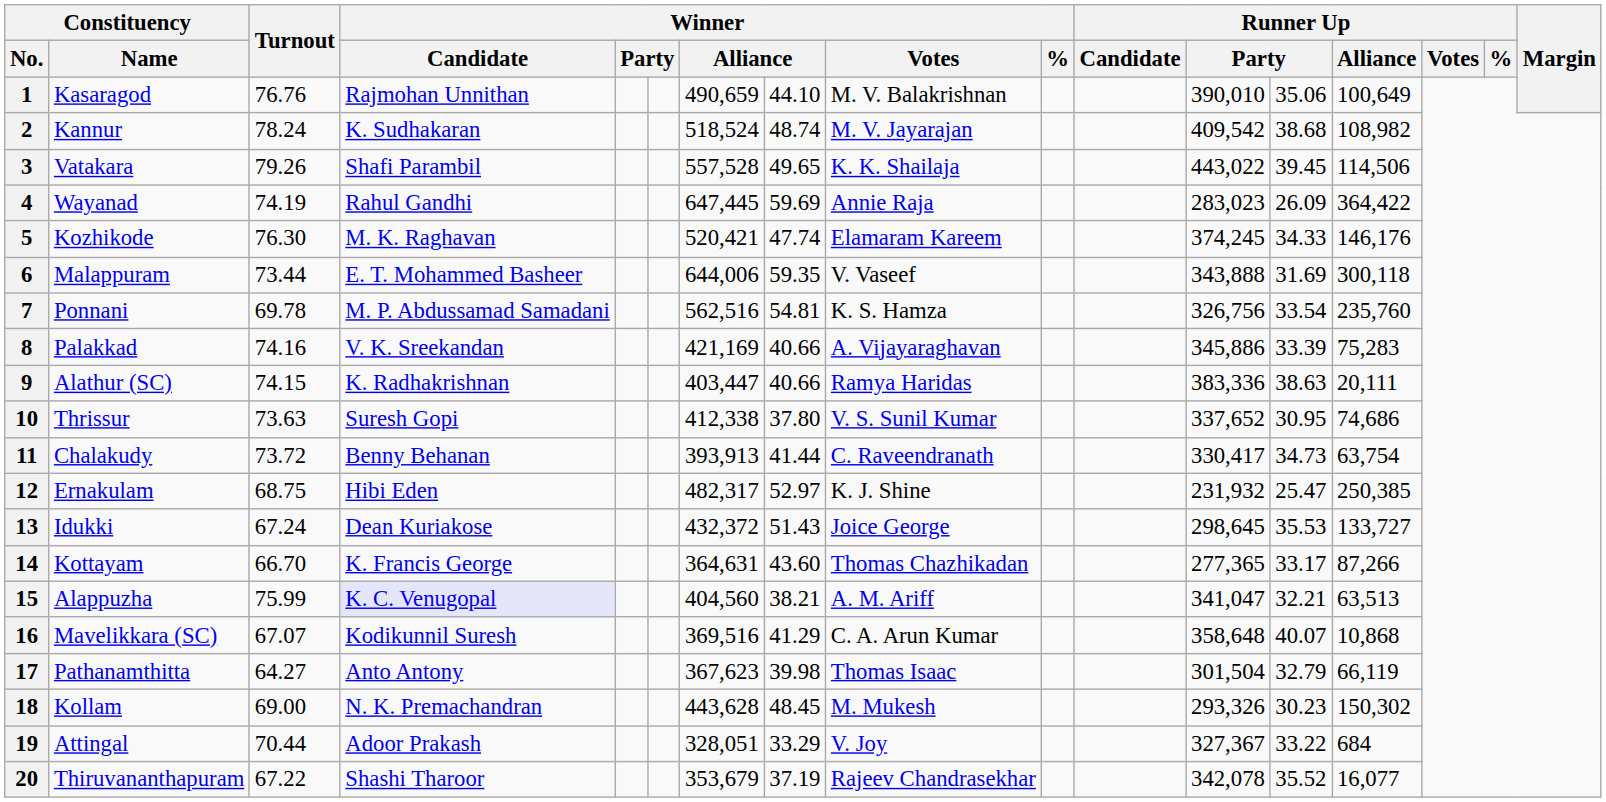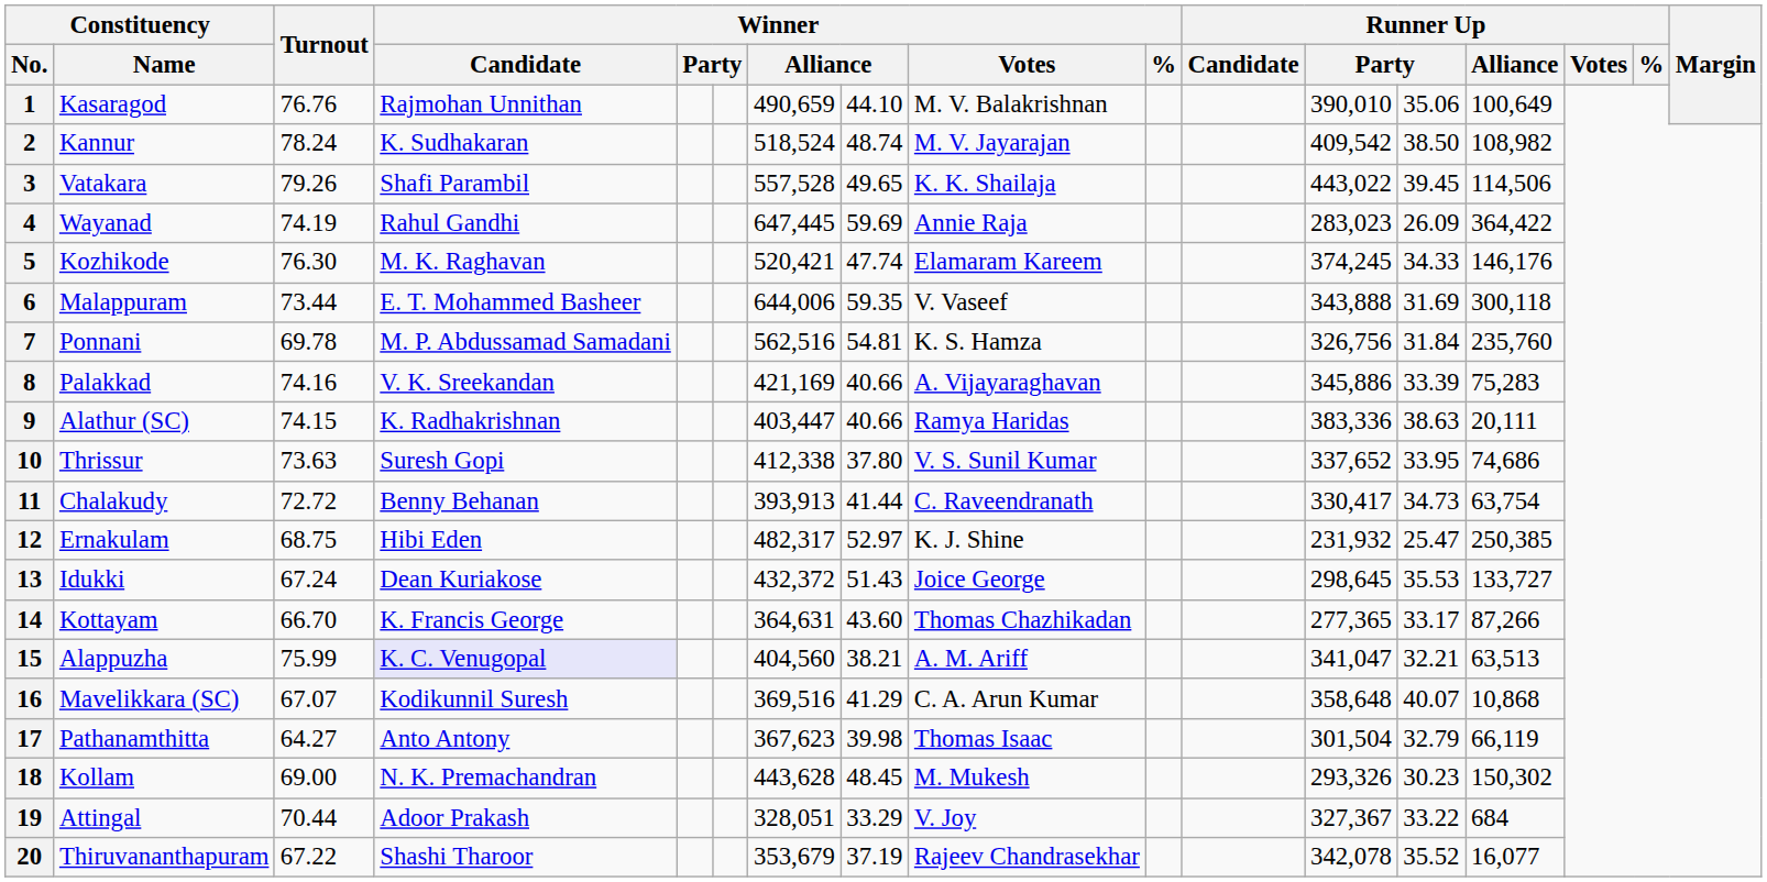 <table class="wikitable sortable">
 <tr>
 <th colspan="2">Constituency</th>
 <th rowspan="2">Turnout</th>
 <th colspan="7">Winner</th>
 <th colspan="7">Runner Up</th>
 <th rowspan="3">Margin</th>
 </tr>
 <tr>
 <th>No.</th>
 <th>Name</th>
 <th>Candidate</th>
 <th colspan="2">Party</th>
 <th colspan="2">Alliance</th>
 <th>Votes</th>
 <th>%</th>
 <th>Candidate</th>
 <th colspan="2">Party</th>
 <th colspan="2">Alliance</th>
 <th>Votes</th>
 <th>%</th>
 </tr>
 <tr>
 <th>1</th>
 <td><a href='#'>Kasaragod</a></td>
 <td>76.76 </td>
 <td><a href='#'>Rajmohan Unnithan</a></td>
 <td></td>
 <td></td>
 <td>490,659</td>
 <td>44.10</td>
 <td>M. V. Balakrishnan</td>
 <td></td>
 <td></td>
 <td>390,010</td>
 <td>35.06</td>
 <td style="background:">100,649</td>
 </tr>
 <tr>
 <th>2</th>
 <td><a href='#'>Kannur</a></td>
 <td>78.24 </td>
 <td><a href='#'>K. Sudhakaran</a></td>
 <td></td>
 <td></td>
 <td>518,524</td>
 <td>48.74</td>
 <td><a href='#'>M. V. Jayarajan</a></td>
 <td></td>
 <td></td>
 <td>409,542</td>
-<td>38.68</td>
+<td>38.50</td>
 <td style="background:">108,982</td>
 </tr>
 <tr>
 <th>3</th>
 <td><a href='#'>Vatakara</a></td>
 <td>79.26 </td>
 <td><a href='#'>Shafi Parambil</a></td>
 <td></td>
 <td></td>
 <td>557,528</td>
 <td>49.65</td>
 <td><a href='#'>K. K. Shailaja</a></td>
 <td></td>
 <td></td>
 <td>443,022</td>
 <td>39.45</td>
 <td style="background:">114,506</td>
 </tr>
 <tr>
 <th>4</th>
 <td><a href='#'>Wayanad</a></td>
 <td>74.19 </td>
 <td><a href='#'>Rahul Gandhi</a></td>
 <td></td>
 <td></td>
 <td>647,445</td>
 <td>59.69</td>
 <td><a href='#'>Annie Raja</a></td>
 <td></td>
 <td></td>
 <td>283,023</td>
 <td>26.09</td>
 <td style="background:">364,422</td>
 </tr>
 <tr>
 <th>5</th>
 <td><a href='#'>Kozhikode</a></td>
 <td>76.30 </td>
 <td><a href='#'>M. K. Raghavan</a></td>
 <td></td>
 <td></td>
 <td>520,421</td>
 <td>47.74</td>
 <td><a href='#'>Elamaram Kareem</a></td>
 <td></td>
 <td></td>
 <td>374,245</td>
 <td>34.33</td>
 <td style="background:">146,176</td>
 </tr>
 <tr>
 <th>6</th>
 <td><a href='#'>Malappuram</a></td>
 <td>73.44 </td>
 <td><a href='#'>E. T. Mohammed Basheer</a></td>
 <td></td>
 <td></td>
 <td>644,006</td>
 <td>59.35</td>
 <td>V. Vaseef</td>
 <td></td>
 <td></td>
 <td>343,888</td>
 <td>31.69</td>
 <td style="background:">300,118</td>
 </tr>
 <tr>
 <th>7</th>
 <td><a href='#'>Ponnani</a></td>
 <td>69.78 </td>
 <td><a href='#'>M. P. Abdussamad Samadani</a></td>
 <td></td>
 <td></td>
 <td>562,516</td>
 <td>54.81</td>
 <td>K. S. Hamza</td>
 <td></td>
 <td></td>
 <td>326,756</td>
-<td>33.54</td>
+<td>31.84</td>
 <td style="background:">235,760</td>
 </tr>
 <tr>
 <th>8</th>
 <td><a href='#'>Palakkad</a></td>
 <td>74.16 </td>
 <td><a href='#'>V. K. Sreekandan</a></td>
 <td></td>
 <td></td>
 <td>421,169</td>
 <td>40.66</td>
 <td><a href='#'>A. Vijayaraghavan</a></td>
 <td></td>
 <td></td>
 <td>345,886</td>
 <td>33.39</td>
 <td style="background:">75,283</td>
 </tr>
 <tr>
 <th>9</th>
 <td><a href='#'>Alathur (SC)</a></td>
 <td>74.15 </td>
 <td><a href='#'>K. Radhakrishnan</a></td>
 <td></td>
 <td></td>
 <td>403,447</td>
 <td>40.66</td>
 <td><a href='#'>Ramya Haridas</a></td>
 <td></td>
 <td></td>
 <td>383,336</td>
 <td>38.63</td>
 <td style="background:">20,111</td>
 </tr>
 <tr>
 <th>10</th>
 <td><a href='#'>Thrissur</a></td>
 <td>73.63 </td>
 <td><a href='#'>Suresh Gopi</a></td>
 <td></td>
 <td></td>
 <td>412,338</td>
 <td>37.80</td>
 <td><a href='#'>V. S. Sunil Kumar</a></td>
 <td></td>
 <td></td>
 <td>337,652</td>
-<td>30.95</td>
+<td>33.95</td>
 <td style="background:">74,686</td>
 </tr>
 <tr>
 <th>11</th>
 <td><a href='#'>Chalakudy</a></td>
-<td>73.72 </td>
+<td>72.72 </td>
 <td><a href='#'>Benny Behanan</a></td>
 <td></td>
 <td></td>
 <td>393,913</td>
 <td>41.44</td>
 <td><a href='#'>C. Raveendranath</a></td>
 <td></td>
 <td></td>
 <td>330,417</td>
 <td>34.73</td>
 <td style="background:">63,754</td>
 </tr>
 <tr>
 <th>12</th>
 <td><a href='#'>Ernakulam</a></td>
 <td>68.75 </td>
 <td><a href='#'>Hibi Eden</a></td>
 <td></td>
 <td></td>
 <td>482,317</td>
 <td>52.97</td>
 <td>K. J. Shine</td>
 <td></td>
 <td></td>
 <td>231,932</td>
 <td>25.47</td>
 <td style="background:">250,385</td>
 </tr>
 <tr>
 <th>13</th>
 <td><a href='#'>Idukki</a></td>
 <td>67.24 </td>
 <td><a href='#'>Dean Kuriakose</a></td>
 <td></td>
 <td></td>
 <td>432,372</td>
 <td>51.43</td>
 <td><a href='#'>Joice George</a></td>
 <td></td>
 <td></td>
 <td>298,645</td>
 <td>35.53</td>
 <td style="background:">133,727</td>
 </tr>
 <tr>
 <th>14</th>
 <td><a href='#'>Kottayam</a></td>
 <td>66.70 </td>
 <td><a href='#'>K. Francis George</a></td>
 <td></td>
 <td></td>
 <td>364,631</td>
 <td>43.60</td>
 <td><a href='#'>Thomas Chazhikadan</a></td>
 <td></td>
 <td></td>
 <td>277,365</td>
 <td>33.17</td>
 <td style="background:">87,266</td>
 </tr>
 <tr>
 <th>15</th>
 <td><a href='#'>Alappuzha</a></td>
 <td>75.99 </td>
 <td style="background: lavender;"><a href='#'>K. C. Venugopal</a></td>
 <td></td>
 <td></td>
 <td>404,560</td>
 <td>38.21</td>
 <td><a href='#'>A. M. Ariff</a></td>
 <td></td>
 <td></td>
 <td>341,047</td>
 <td>32.21</td>
 <td style="background:">63,513</td>
 </tr>
 <tr>
 <th>16</th>
 <td><a href='#'>Mavelikkara (SC)</a></td>
 <td>67.07 </td>
 <td><a href='#'>Kodikunnil Suresh</a></td>
 <td></td>
 <td></td>
 <td>369,516</td>
 <td>41.29</td>
 <td>C. A. Arun Kumar</td>
 <td></td>
 <td></td>
 <td>358,648</td>
 <td>40.07</td>
 <td style="background:">10,868</td>
 </tr>
 <tr>
 <th>17</th>
 <td><a href='#'>Pathanamthitta</a></td>
 <td>64.27 </td>
 <td><a href='#'>Anto Antony</a></td>
 <td></td>
 <td></td>
 <td>367,623</td>
 <td>39.98</td>
 <td><a href='#'>Thomas Isaac</a></td>
 <td></td>
 <td></td>
 <td>301,504</td>
 <td>32.79</td>
 <td style="background:">66,119</td>
 </tr>
 <tr>
 <th>18</th>
 <td><a href='#'>Kollam</a></td>
 <td>69.00 </td>
 <td><a href='#'>N. K. Premachandran</a></td>
 <td></td>
 <td></td>
 <td>443,628</td>
 <td>48.45</td>
 <td><a href='#'>M. Mukesh</a></td>
 <td></td>
 <td></td>
 <td>293,326</td>
 <td>30.23</td>
 <td style="background:">150,302</td>
 </tr>
 <tr>
 <th>19</th>
 <td><a href='#'>Attingal</a></td>
 <td>70.44 </td>
 <td><a href='#'>Adoor Prakash</a></td>
 <td></td>
 <td></td>
 <td>328,051</td>
 <td>33.29</td>
 <td><a href='#'>V. Joy</a></td>
 <td></td>
 <td></td>
 <td>327,367</td>
 <td>33.22</td>
 <td style="background:">684</td>
 </tr>
 <tr>
 <th>20</th>
 <td><a href='#'>Thiruvananthapuram</a></td>
 <td>67.22 </td>
 <td><a href='#'>Shashi Tharoor</a></td>
 <td></td>
 <td></td>
 <td>353,679</td>
 <td>37.19</td>
 <td><a href='#'>Rajeev Chandrasekhar</a></td>
 <td></td>
 <td></td>
 <td>342,078</td>
 <td>35.52</td>
 <td style="background:">16,077</td>
 </tr>
 </table>
